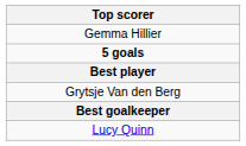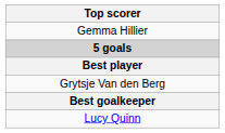 <table class="wikitable" style="margin: 1em auto 1em auto;">
 <tr>
 <th width=300>Top scorer</th>
 </tr>
 <tr align=center style="background:">
 <td style="text-align:center;"> Gemma Hillier</td>
 </tr>
 <tr>
-<td style="text-align:center;"><strong>5 goals</strong></td>
+<td style="background: lightgrey; text-align:center;"><strong>5 goals</strong></td>
 </tr>
 <tr>
 <th>Best player</th>
 </tr>
 <tr>
 <td style="text-align:center;"> Grytsje Van den Berg</td>
 </tr>
 <tr>
 <th>Best goalkeeper</th>
 </tr>
 <tr>
 <td style="text-align:center;"> <a href='#'>Lucy Quinn</a></td>
 </tr>
 </table>
